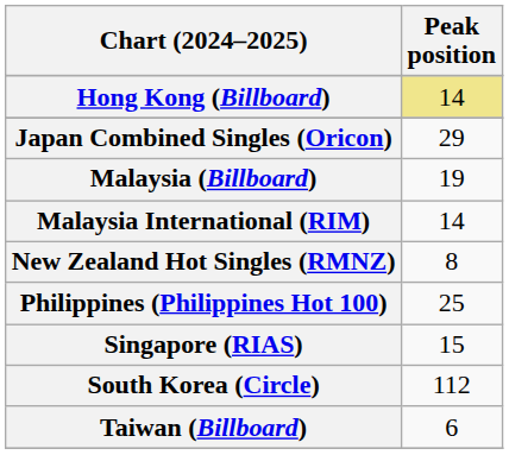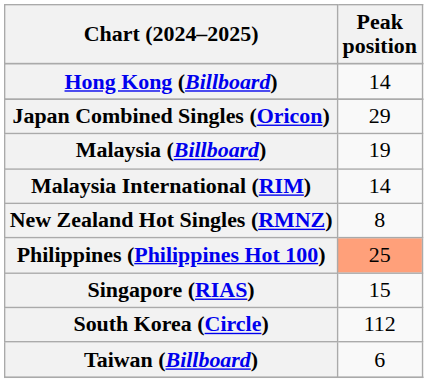 <table class="wikitable sortable plainrowheaders" style="text-align:center">
 <tr>
 <th scope="col">Chart (2024–2025)</th>
 <th scope="col">Peak<br>position</th>
 </tr>
 <tr>
 </tr>
 <tr>
 </tr>
 <tr>
 <th scope="row"><a href='#'>Hong Kong</a> (<em><a href='#'>Billboard</a></em>)</th>
-<td style="background: khaki;">14</td>
+<td>14</td>
 </tr>
 <tr>
 </tr>
 <tr>
 </tr>
 <tr>
 <th scope="row">Japan Combined Singles (<a href='#'>Oricon</a>)</th>
 <td>29</td>
 </tr>
 <tr>
 <th scope="row">Malaysia (<em><a href='#'>Billboard</a></em>)</th>
 <td>19</td>
 </tr>
 <tr>
 <th scope="row">Malaysia International (<a href='#'>RIM</a>)</th>
 <td>14</td>
 </tr>
 <tr>
 <th scope="row">New Zealand Hot Singles (<a href='#'>RMNZ</a>)</th>
 <td>8</td>
 </tr>
 <tr>
 <th scope="row">Philippines (<a href='#'>Philippines Hot 100</a>)</th>
-<td>25</td>
+<td style="background: lightsalmon;">25</td>
 </tr>
 <tr>
 <th scope="row">Singapore (<a href='#'>RIAS</a>)</th>
 <td>15</td>
 </tr>
 <tr>
 <th scope="row">South Korea (<a href='#'>Circle</a>)</th>
 <td>112</td>
 </tr>
 <tr>
 <th scope="row">Taiwan (<em><a href='#'>Billboard</a></em>)</th>
 <td>6</td>
 </tr>
 <tr>
 </tr>
 <tr>
 </tr>
 </table>
